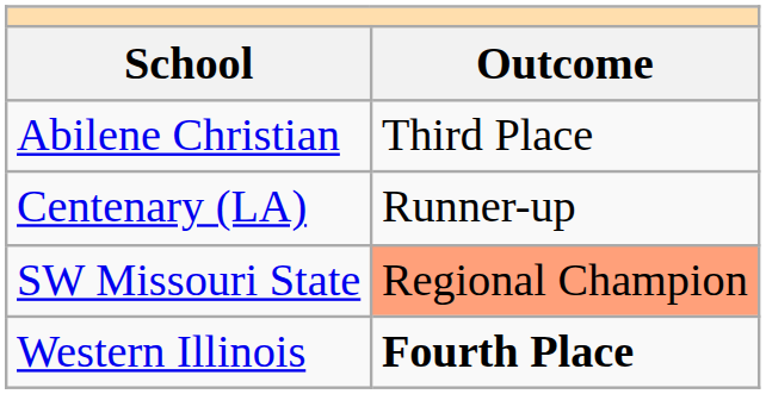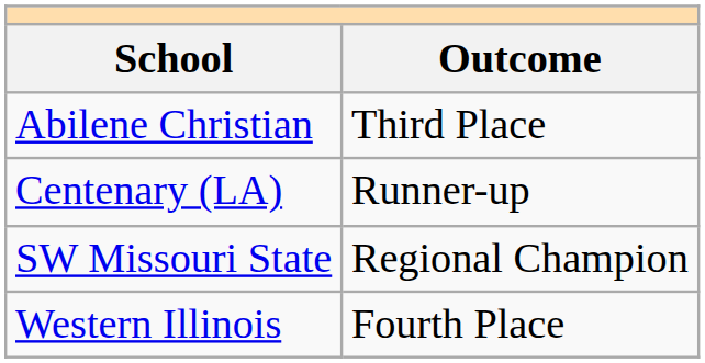 <table class="wikitable" style="float:left; margin-right:1em;">
 <tr>
 <th colspan="3" style="background:#ffdead;"></th>
 </tr>
 <tr>
 <th>School</th>
 <th>Outcome</th>
 </tr>
 <tr>
 <td><a href='#'>Abilene Christian</a></td>
 <td>Third Place</td>
 </tr>
 <tr>
 <td><a href='#'>Centenary (LA)</a></td>
 <td>Runner-up</td>
 </tr>
 <tr>
 <td><a href='#'>SW Missouri State</a></td>
-<td style="background: lightsalmon;">Regional Champion</td>
+<td>Regional Champion</td>
 </tr>
 <tr>
 <td><a href='#'>Western Illinois</a></td>
-<td><strong>Fourth Place</strong></td>
+<td>Fourth Place</td>
 </tr>
 </table>
